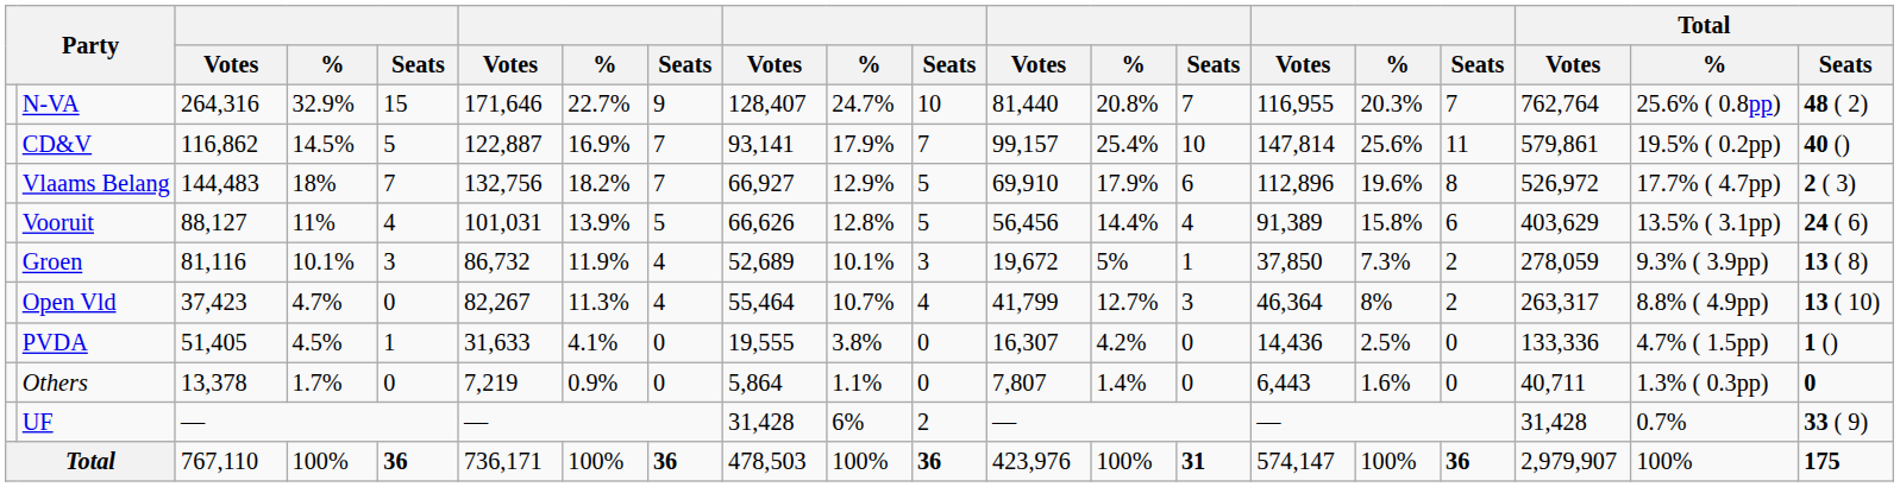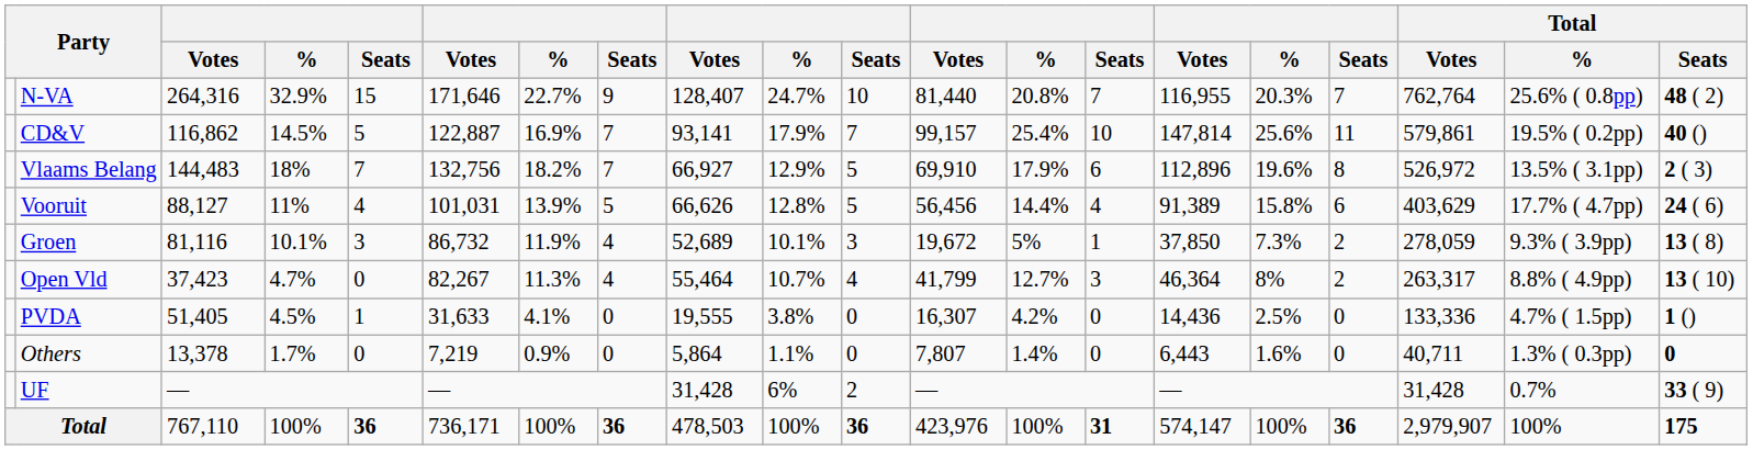 <table class="wikitable sortable" style="font-size:95%;">
 <tr>
 <th style="width:9%;" colspan="2" rowspan="2">Party</th>
 <th style="width:15%;" colspan="3"></th>
 <th style="width:14%;" colspan="3"></th>
 <th style="width:14%;" colspan="3"></th>
 <th style="width:14%;" colspan="3"></th>
 <th style="width:14%;" colspan="3"></th>
 <th style="width:20%;" colspan="3">Total</th>
 </tr>
 <tr>
 <th>Votes</th>
 <th>%</th>
 <th>Seats</th>
 <th>Votes</th>
 <th>%</th>
 <th>Seats</th>
 <th>Votes</th>
 <th>%</th>
 <th>Seats</th>
 <th>Votes</th>
 <th>%</th>
 <th>Seats</th>
 <th>Votes</th>
 <th>%</th>
 <th>Seats</th>
 <th>Votes</th>
 <th>%</th>
 <th>Seats</th>
 </tr>
 <tr>
 <td style="background-color: "></td>
 <td><a href='#'>N-VA</a></td>
 <td>264,316</td>
 <td>32.9%</td>
 <td>15</td>
 <td>171,646</td>
 <td>22.7%</td>
 <td>9</td>
 <td>128,407</td>
 <td>24.7%</td>
 <td>10</td>
 <td>81,440</td>
 <td>20.8%</td>
 <td>7</td>
 <td>116,955</td>
 <td>20.3%</td>
 <td>7</td>
 <td>762,764</td>
 <td>25.6% ( 0.8<a href='#'>pp</a>)</td>
 <td><strong>48</strong> ( 2)</td>
 </tr>
 <tr>
 <td style="background-color: "></td>
 <td><a href='#'>CD&V</a></td>
 <td>116,862</td>
 <td>14.5%</td>
 <td>5</td>
 <td>122,887</td>
 <td>16.9%</td>
 <td>7</td>
 <td>93,141</td>
 <td>17.9%</td>
 <td>7</td>
 <td>99,157</td>
 <td>25.4%</td>
 <td>10</td>
 <td>147,814</td>
 <td>25.6%</td>
 <td>11</td>
 <td>579,861</td>
 <td>19.5% ( 0.2pp)</td>
 <td><strong>40</strong> ()</td>
 </tr>
 <tr>
 <td style="background-color: "></td>
 <td><a href='#'>Vlaams Belang</a></td>
 <td>144,483</td>
 <td>18%</td>
 <td>7</td>
 <td>132,756</td>
 <td>18.2%</td>
 <td>7</td>
 <td>66,927</td>
 <td>12.9%</td>
 <td>5</td>
 <td>69,910</td>
 <td>17.9%</td>
 <td>6</td>
 <td>112,896</td>
 <td>19.6%</td>
 <td>8</td>
 <td>526,972</td>
-<td>17.7% ( 4.7pp)</td>
+<td>13.5% ( 3.1pp)</td>
 <td><strong>2</strong> ( 3)</td>
 </tr>
 <tr>
 <td style="background-color: "></td>
 <td><a href='#'>Vooruit</a></td>
 <td>88,127</td>
 <td>11%</td>
 <td>4</td>
 <td>101,031</td>
 <td>13.9%</td>
 <td>5</td>
 <td>66,626</td>
 <td>12.8%</td>
 <td>5</td>
 <td>56,456</td>
 <td>14.4%</td>
 <td>4</td>
 <td>91,389</td>
 <td>15.8%</td>
 <td>6</td>
 <td>403,629</td>
-<td>13.5% ( 3.1pp)</td>
+<td>17.7% ( 4.7pp)</td>
 <td><strong>24</strong> ( 6)</td>
 </tr>
 <tr>
 <td style="background-color: "></td>
 <td><a href='#'>Groen</a></td>
 <td>81,116</td>
 <td>10.1%</td>
 <td>3</td>
 <td>86,732</td>
 <td>11.9%</td>
 <td>4</td>
 <td>52,689</td>
 <td>10.1%</td>
 <td>3</td>
 <td>19,672</td>
 <td>5%</td>
 <td>1</td>
 <td>37,850</td>
 <td>7.3%</td>
 <td>2</td>
 <td>278,059</td>
 <td>9.3% ( 3.9pp)</td>
 <td><strong>13</strong> ( 8)</td>
 </tr>
 <tr>
 <td style="background-color: "></td>
 <td><a href='#'>Open Vld</a></td>
 <td>37,423</td>
 <td>4.7%</td>
 <td>0</td>
 <td>82,267</td>
 <td>11.3%</td>
 <td>4</td>
 <td>55,464</td>
 <td>10.7%</td>
 <td>4</td>
 <td>41,799</td>
 <td>12.7%</td>
 <td>3</td>
 <td>46,364</td>
 <td>8%</td>
 <td>2</td>
 <td>263,317</td>
 <td>8.8% ( 4.9pp)</td>
 <td><strong>13</strong> ( 10)</td>
 </tr>
 <tr>
 <td style="background-color: "></td>
 <td><a href='#'>PVDA</a></td>
 <td>51,405</td>
 <td>4.5%</td>
 <td>1</td>
 <td>31,633</td>
 <td>4.1%</td>
 <td>0</td>
 <td>19,555</td>
 <td>3.8%</td>
 <td>0</td>
 <td>16,307</td>
 <td>4.2%</td>
 <td>0</td>
 <td>14,436</td>
 <td>2.5%</td>
 <td>0</td>
 <td>133,336</td>
 <td>4.7% ( 1.5pp)</td>
 <td><strong>1</strong> ()</td>
 </tr>
 <tr>
 <td></td>
 <td><em>Others</em></td>
 <td>13,378</td>
 <td>1.7%</td>
 <td>0</td>
 <td>7,219</td>
 <td>0.9%</td>
 <td>0</td>
 <td>5,864</td>
 <td>1.1%</td>
 <td>0</td>
 <td>7,807</td>
 <td>1.4%</td>
 <td>0</td>
 <td>6,443</td>
 <td>1.6%</td>
 <td>0</td>
 <td>40,711</td>
 <td>1.3% ( 0.3pp)</td>
 <td><strong>0</strong></td>
 </tr>
 <tr>
 <td style="background-color: "></td>
 <td><a href='#'>UF</a></td>
 <td colspan="3">—</td>
 <td colspan="3">—</td>
 <td>31,428</td>
 <td>6%</td>
 <td>2</td>
 <td colspan="3">—</td>
 <td colspan="3">—</td>
 <td>31,428</td>
 <td>0.7%</td>
 <td><strong>33</strong> ( 9)</td>
 </tr>
 <tr>
 <th colspan="2"><em>Total</em></th>
 <td>767,110</td>
 <td>100%</td>
 <td><strong>36</strong></td>
 <td>736,171</td>
 <td>100%</td>
 <td><strong>36</strong></td>
 <td>478,503</td>
 <td>100%</td>
 <td><strong>36</strong></td>
 <td>423,976</td>
 <td>100%</td>
 <td><strong>31</strong></td>
 <td>574,147</td>
 <td>100%</td>
 <td><strong>36</strong></td>
 <td>2,979,907</td>
 <td>100%</td>
 <td><strong>175</strong></td>
 </tr>
 </table>
